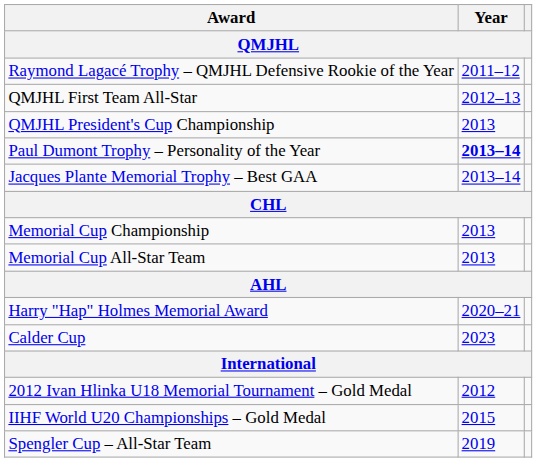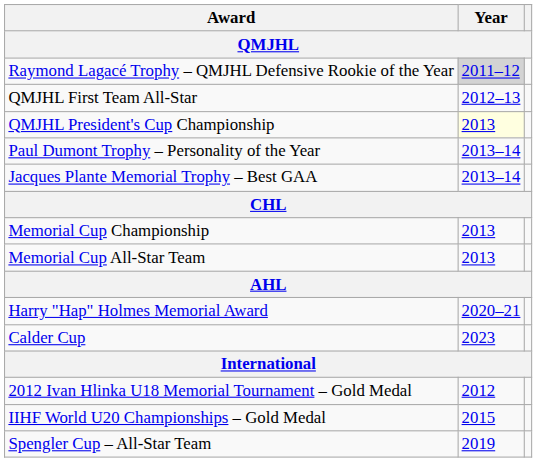 <table class="wikitable">
 <tr>
 <th>Award</th>
 <th>Year</th>
 <th></th>
 </tr>
 <tr>
 <th colspan="3"><a href='#'>QMJHL</a></th>
 </tr>
 <tr>
 <td><a href='#'>Raymond Lagacé Trophy</a> – QMJHL Defensive Rookie of the Year</td>
-<td><a href='#'>2011–12</a></td>
+<td style="background: lightgrey;"><a href='#'>2011–12</a></td>
 <td></td>
 </tr>
 <tr>
 <td>QMJHL First Team All-Star</td>
 <td><a href='#'>2012–13</a></td>
 <td></td>
 </tr>
 <tr>
 <td><a href='#'>QMJHL President's Cup</a> Championship</td>
-<td><a href='#'>2013</a></td>
+<td style="background: lightyellow;"><a href='#'>2013</a></td>
 <td></td>
 </tr>
 <tr>
 <td><a href='#'>Paul Dumont Trophy</a> – Personality of the Year</td>
-<td><strong><a href='#'>2013–14</a></strong></td>
+<td><a href='#'>2013–14</a></td>
 <td></td>
 </tr>
 <tr>
 <td><a href='#'>Jacques Plante Memorial Trophy</a> – Best GAA</td>
 <td><a href='#'>2013–14</a></td>
 <td></td>
 </tr>
 <tr>
 <th colspan="3"><a href='#'>CHL</a></th>
 </tr>
 <tr>
 <td><a href='#'>Memorial Cup</a> Championship</td>
 <td><a href='#'>2013</a></td>
 <td></td>
 </tr>
 <tr>
 <td><a href='#'>Memorial Cup</a> All-Star Team</td>
 <td><a href='#'>2013</a></td>
 <td></td>
 </tr>
 <tr>
 <th colspan="3"><a href='#'>AHL</a></th>
 </tr>
 <tr>
 <td><a href='#'>Harry "Hap" Holmes Memorial Award</a></td>
 <td><a href='#'>2020–21</a></td>
 <td></td>
 </tr>
 <tr>
 <td><a href='#'>Calder Cup</a></td>
 <td><a href='#'>2023</a></td>
 <td></td>
 </tr>
 <tr>
 <th colspan="3"><a href='#'>International</a></th>
 </tr>
 <tr>
 <td><a href='#'>2012 Ivan Hlinka U18 Memorial Tournament</a> – Gold Medal</td>
 <td><a href='#'>2012</a></td>
 <td></td>
 </tr>
 <tr>
 <td><a href='#'>IIHF World U20 Championships</a> – Gold Medal</td>
 <td><a href='#'>2015</a></td>
 <td></td>
 </tr>
 <tr>
 <td><a href='#'>Spengler Cup</a> – All-Star Team</td>
 <td><a href='#'>2019</a></td>
 <td></td>
 </tr>
 </table>
